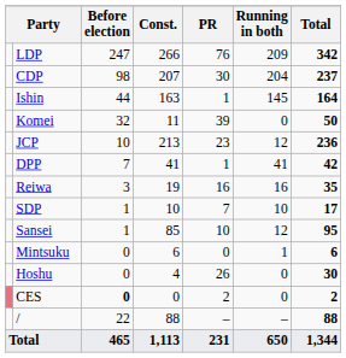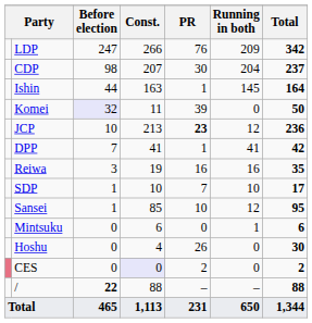 <table class="wikitable sortable" align="right" style="text-align:right">
 <tr>
 </tr>
 <tr style:align="center";>
 <th width=80px colspan=2>Party</th>
 <th width=50px>Before election</th>
 <th width=50px>Const.</th>
 <th width=50px>PR</th>
 <th width=50px>Running in both</th>
 <th width=50px>Total</th>
 </tr>
 <tr>
 <td></td>
 <td align=left><a href='#'>LDP</a></td>
 <td>247</td>
 <td>266</td>
 <td>76</td>
 <td>209</td>
 <td><strong>342</strong></td>
 </tr>
 <tr>
 <td></td>
 <td align=left><a href='#'>CDP</a></td>
 <td>98</td>
 <td>207</td>
 <td>30</td>
 <td>204</td>
 <td><strong>237</strong></td>
 </tr>
 <tr>
 <td></td>
 <td align=left><a href='#'>Ishin</a></td>
 <td>44</td>
 <td>163</td>
 <td>1</td>
 <td>145</td>
 <td><strong>164</strong></td>
 </tr>
 <tr>
 <td></td>
 <td align=left><a href='#'>Komei</a></td>
-<td>32</td>
+<td style="background: lavender;">32</td>
 <td>11</td>
 <td>39</td>
 <td>0</td>
 <td><strong>50</strong></td>
 </tr>
 <tr>
 <td></td>
 <td align=left><a href='#'>JCP</a></td>
 <td>10</td>
 <td>213</td>
-<td>23</td>
+<td><strong>23</strong></td>
 <td>12</td>
 <td><strong>236</strong></td>
 </tr>
 <tr>
 <td></td>
 <td align=left><a href='#'>DPP</a></td>
 <td>7</td>
 <td>41</td>
 <td>1</td>
 <td>41</td>
 <td><strong>42</strong></td>
 </tr>
 <tr>
 <td></td>
 <td align=left><a href='#'>Reiwa</a></td>
 <td>3</td>
 <td>19</td>
 <td>16</td>
 <td>16</td>
 <td><strong>35</strong></td>
 </tr>
 <tr>
 <td></td>
 <td align=left><a href='#'>SDP</a></td>
 <td>1</td>
 <td>10</td>
 <td>7</td>
 <td>10</td>
 <td><strong>17</strong></td>
 </tr>
 <tr>
 <td></td>
 <td align=left><a href='#'>Sansei</a></td>
 <td>1</td>
 <td>85</td>
 <td>10</td>
 <td>12</td>
 <td><strong>95</strong></td>
 </tr>
 <tr>
 <td></td>
 <td align=left><a href='#'>Mintsuku</a></td>
 <td>0</td>
 <td>6</td>
 <td>0</td>
 <td>1</td>
 <td><strong>6</strong></td>
 </tr>
 <tr>
 <td></td>
 <td align=left><a href='#'>Hoshu</a></td>
 <td>0</td>
 <td>4</td>
 <td>26</td>
 <td>0</td>
 <td><strong>30</strong></td>
 </tr>
 <tr>
 <td bgcolor=#E87184></td>
 <td align=left>CES</td>
-<td><strong>0</strong></td>
 <td>0</td>
+<td style="background: lavender;">0</td>
 <td>2</td>
 <td>0</td>
 <td><strong>2</strong></td>
 </tr>
 <tr>
 <td></td>
 <td align=left>/</td>
-<td>22</td>
+<td><strong>22</strong></td>
 <td>88</td>
 <td>–</td>
 <td>–</td>
 <td><strong>88</strong></td>
 </tr>
 <tr bgcolor=#EAECF0>
 <td colspan=2 align=left><strong>Total</strong></td>
 <td><strong>465</strong></td>
 <td><strong>1,113</strong></td>
 <td><strong>231</strong></td>
 <td><strong>650</strong></td>
 <td><strong>1,344</strong></td>
 </tr>
 </table>
